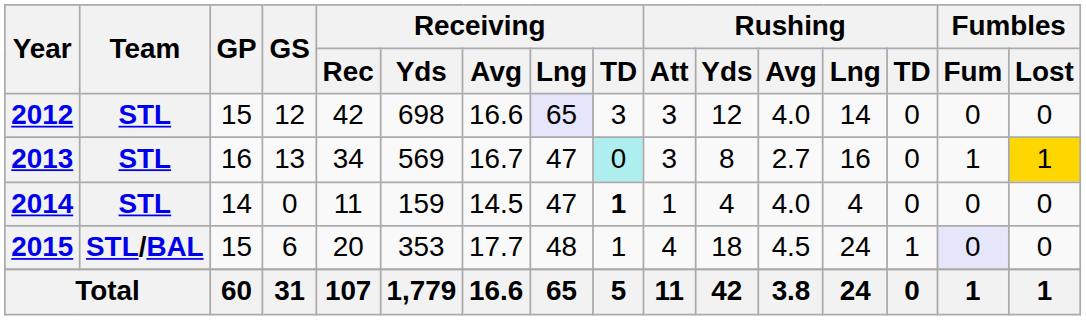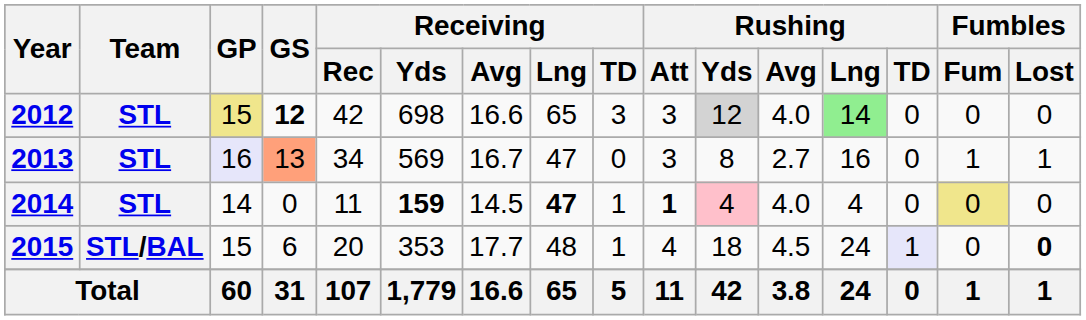 <table class="wikitable" style="text-align: center;">
 <tr>
 <th rowspan="2">Year</th>
 <th rowspan="2">Team</th>
 <th rowspan="2">GP</th>
 <th rowspan="2">GS</th>
 <th colspan="5">Receiving</th>
 <th colspan="5">Rushing</th>
 <th colspan="2">Fumbles</th>
 </tr>
 <tr>
 <th>Rec</th>
 <th>Yds</th>
 <th>Avg</th>
 <th>Lng</th>
 <th>TD</th>
 <th>Att</th>
 <th>Yds</th>
 <th>Avg</th>
 <th>Lng</th>
 <th>TD</th>
 <th>Fum</th>
 <th>Lost</th>
 </tr>
 <tr>
 <th><a href='#'>2012</a></th>
 <th><a href='#'>STL</a></th>
-<td>15</td>
-<td>12</td>
+<td style="background: khaki;">15</td>
+<td><strong>12</strong></td>
 <td>42</td>
 <td>698</td>
 <td>16.6</td>
-<td style="background: lavender;">65</td>
+<td>65</td>
 <td>3</td>
 <td>3</td>
-<td>12</td>
+<td style="background: lightgrey;">12</td>
 <td>4.0</td>
-<td>14</td>
+<td style="background: lightgreen;">14</td>
 <td>0</td>
 <td>0</td>
 <td>0</td>
 </tr>
 <tr>
 <th><a href='#'>2013</a></th>
 <th><a href='#'>STL</a></th>
-<td>16</td>
-<td>13</td>
+<td style="background: lavender;">16</td>
+<td style="background: lightsalmon;">13</td>
 <td>34</td>
 <td>569</td>
 <td>16.7</td>
 <td>47</td>
-<td style="background: paleturquoise;">0</td>
+<td>0</td>
 <td>3</td>
 <td>8</td>
 <td>2.7</td>
 <td>16</td>
 <td>0</td>
 <td>1</td>
-<td style="background: gold;">1</td>
+<td>1</td>
 </tr>
 <tr>
 <th><a href='#'>2014</a></th>
 <th><a href='#'>STL</a></th>
 <td>14</td>
 <td>0</td>
 <td>11</td>
-<td>159</td>
+<td><strong>159</strong></td>
 <td>14.5</td>
-<td>47</td>
+<td><strong>47</strong></td>
+<td>1</td>
 <td><strong>1</strong></td>
-<td>1</td>
-<td>4</td>
+<td style="background: pink;">4</td>
 <td>4.0</td>
 <td>4</td>
 <td>0</td>
-<td>0</td>
+<td style="background: khaki;">0</td>
 <td>0</td>
 </tr>
 <tr>
 <th><a href='#'>2015</a></th>
 <th><a href='#'>STL</a>/<a href='#'>BAL</a></th>
 <td>15</td>
 <td>6</td>
 <td>20</td>
 <td>353</td>
 <td>17.7</td>
 <td>48</td>
 <td>1</td>
 <td>4</td>
 <td>18</td>
 <td>4.5</td>
 <td>24</td>
-<td>1</td>
-<td style="background: lavender;">0</td>
+<td style="background: lavender;">1</td>
 <td>0</td>
+<td><strong>0</strong></td>
 </tr>
 <tr>
 </tr>
 <tr>
 </tr>
 <tr>
 <th colspan="2">Total</th>
 <th>60</th>
 <th>31</th>
 <th>107</th>
 <th>1,779</th>
 <th>16.6</th>
 <th>65</th>
 <th>5</th>
 <th>11</th>
 <th>42</th>
 <th>3.8</th>
 <th>24</th>
 <th>0</th>
 <th>1</th>
 <th>1</th>
 </tr>
 </table>
